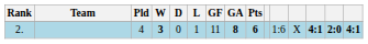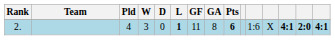 <table class="wikitable">
 <tr>
 <th bgcolor="#efefef">Rank</th>
 <th bgcolor="#efefef" width="140">Team</th>
 <th bgcolor="#efefef" width="20">Pld</th>
 <th bgcolor="#efefef" width="20">W</th>
 <th bgcolor="#efefef" width="20">D</th>
 <th bgcolor="#efefef" width="20">L</th>
 <th bgcolor="#efefef" width="20">GF</th>
 <th bgcolor="#efefef" width="20">GA</th>
 <th bgcolor="#efefef" width="20">Pts</th>
 <th bgcolor="#efefef"></th>
 <th bgcolor="#efefef" width="20"></th>
 <th bgcolor="#efefef" width="20"></th>
 <th bgcolor="#efefef" width="20"></th>
 <th bgcolor="#efefef" width="20"></th>
 <th bgcolor="#efefef" width="20"></th>
 </tr>
 <tr align=center bgcolor=lightblue>
 </tr>
 <tr align=center bgcolor= lightblue>
 <td>2.</td>
 <td align=left></td>
 <td>4</td>
-<td><strong>3</strong></td>
+<td>3</td>
 <td>0</td>
-<td>1</td>
+<td><strong>1</strong></td>
 <td>11</td>
-<td><strong>8</strong></td>
+<td>8</td>
 <td><strong>6</strong></td>
 <td></td>
 <td>1:6</td>
 <td>X</td>
 <td><strong>4:1</strong></td>
 <td><strong>2:0</strong></td>
 <td><strong>4:1</strong></td>
 </tr>
 </table>
